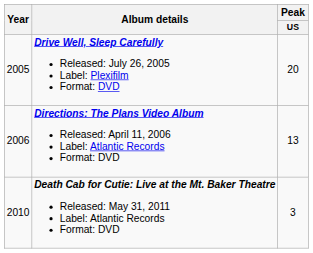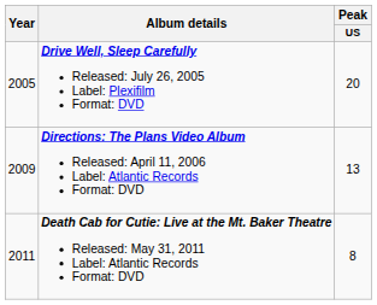 <table class="wikitable">
 <tr>
 <th rowspan="2">Year</th>
 <th rowspan="2">Album details</th>
 <th>Peak</th>
 </tr>
 <tr>
 <th style="width:3em;font-size:85%;">US<br></th>
 </tr>
 <tr>
 <td style="text-align:center;">2005</td>
 <td><strong><em><a href='#'>Drive Well, Sleep Carefully</a></em></strong><br><ul><li>Released: July 26, 2005</li><li>Label: <a href='#'>Plexifilm</a></li><li>Format: <a href='#'>DVD</a></li></ul></td>
 <td style="text-align:center;">20</td>
 </tr>
 <tr>
-<td style="text-align:center;">2006</td>
+<td style="text-align:center;">2009</td>
 <td><strong><em><a href='#'>Directions: The Plans Video Album</a></em></strong><br><ul><li>Released: April 11, 2006</li><li>Label: <a href='#'>Atlantic Records</a></li><li>Format: DVD</li></ul></td>
 <td style="text-align:center;">13</td>
 </tr>
 <tr>
-<td style="text-align:center;">2010</td>
+<td style="text-align:center;">2011</td>
 <td><strong><em>Death Cab for Cutie: Live at the Mt. Baker Theatre</em></strong><br><ul><li>Released: May 31, 2011</li><li>Label: Atlantic Records</li><li>Format: DVD</li></ul></td>
-<td style="text-align:center;">3</td>
+<td style="text-align:center;">8</td>
 </tr>
 </table>
